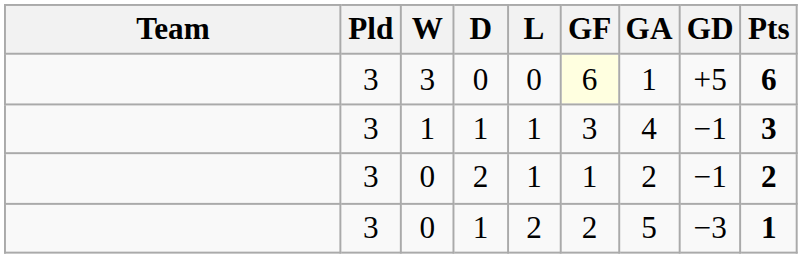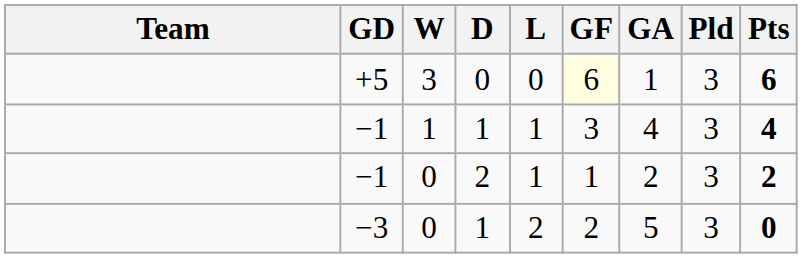 <table class="wikitable" style="text-align: center;">
 <tr>
 <th width=165>Team</th>
-<th width=20>Pld</th>
+<th width=20>GD</th>
 <th width=20>W</th>
 <th width=20>D</th>
 <th width=20>L</th>
 <th width=20>GF</th>
 <th width=20>GA</th>
-<th width=20>GD</th>
+<th width=20>Pld</th>
 <th width=20>Pts</th>
 </tr>
 <tr>
 <td style="text-align:left;"></td>
-<td>3</td>
+<td>+5</td>
 <td>3</td>
 <td>0</td>
 <td>0</td>
 <td style="background: lightyellow;">6</td>
 <td>1</td>
-<td>+5</td>
+<td>3</td>
 <td><strong>6</strong></td>
 </tr>
 <tr>
 <td style="text-align:left;"></td>
-<td>3</td>
+<td>−1</td>
 <td>1</td>
 <td>1</td>
 <td>1</td>
 <td>3</td>
 <td>4</td>
-<td>−1</td>
-<td><strong>3</strong></td>
+<td>3</td>
+<td><strong>4</strong></td>
 </tr>
 <tr>
 <td style="text-align:left;"></td>
-<td>3</td>
+<td>−1</td>
 <td>0</td>
 <td>2</td>
 <td>1</td>
 <td>1</td>
 <td>2</td>
-<td>−1</td>
+<td>3</td>
 <td><strong>2</strong></td>
 </tr>
 <tr>
 <td style="text-align:left;"></td>
-<td>3</td>
+<td>−3</td>
 <td>0</td>
 <td>1</td>
 <td>2</td>
 <td>2</td>
 <td>5</td>
-<td>−3</td>
-<td><strong>1</strong></td>
+<td>3</td>
+<td><strong>0</strong></td>
 </tr>
 </table>
